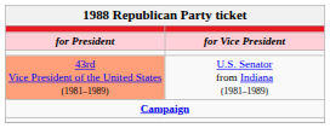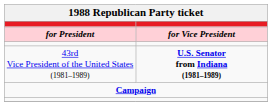 <table class="wikitable" style="font-size:90%; text-align:center;">
 <tr>
 <td style="background:#f1f1f1;" colspan="30"><big><strong>1988 Republican Party ticket</strong></big></td>
 </tr>
 <tr>
 <th style="width:3em; font-size:135%; background:#E81B23; width:200px;"><a href='#'></a></th>
 <th style="width:3em; font-size:135%; background:#E81B23; width:200px;"><a href='#'></a></th>
 </tr>
 <tr style="color:#000; font-size:100%; background:#ffd0d7;">
 <td style="width:3em; width:200px;"><strong><em>for President</em></strong></td>
 <td style="width:3em; width:200px;"><strong><em>for Vice President</em></strong></td>
 </tr>
 <tr>
 <td></td>
 <td></td>
 </tr>
 <tr>
-<td style="background: lightsalmon;"><a href='#'>43rd</a><br><a href='#'>Vice President of the United States</a><br><small>(1981–1989)</small></td>
-<td><a href='#'>U.S. Senator</a><br> from <a href='#'>Indiana</a><br><small>(1981–1989)</small></td>
+<td><a href='#'>43rd</a><br><a href='#'>Vice President of the United States</a><br><small>(1981–1989)</small></td>
+<td><strong><a href='#'>U.S. Senator</a><br> from <a href='#'>Indiana</a><br><small>(1981–1989)</small></strong></td>
 </tr>
 <tr>
 <td colspan=2><a href='#'><strong>Campaign</strong></a></td>
 </tr>
 <tr>
 <td colspan=2></td>
 </tr>
 <tr>
 </tr>
 </table>
